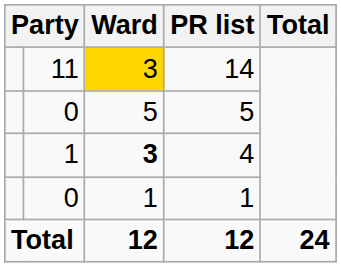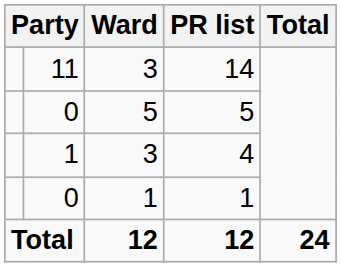 <table class=wikitable style="text-align:right">
 <tr>
 <th colspan=2>Party</th>
 <th>Ward</th>
 <th>PR list</th>
 <th>Total</th>
 </tr>
 <tr>
 <td></td>
 <td>11</td>
-<td style="background: gold;">3</td>
+<td>3</td>
 <td>14</td>
 </tr>
 <tr>
 <td></td>
 <td>0</td>
 <td>5</td>
 <td>5</td>
 </tr>
 <tr>
 <td></td>
 <td>1</td>
-<td><strong>3</strong></td>
+<td>3</td>
 <td>4</td>
 </tr>
 <tr>
 <td></td>
 <td>0</td>
 <td>1</td>
 <td>1</td>
 </tr>
 <tr>
 <td colspan="2" style="text-align:left"><strong>Total</strong></td>
 <td><strong>12</strong></td>
 <td><strong>12</strong></td>
 <td><strong>24</strong></td>
 </tr>
 </table>
